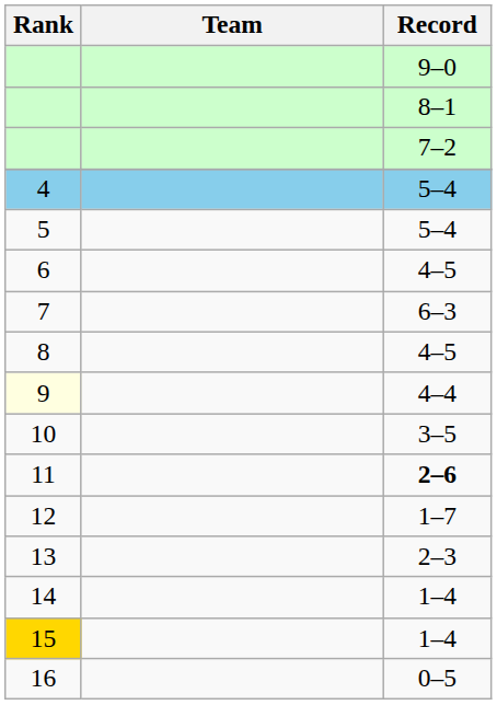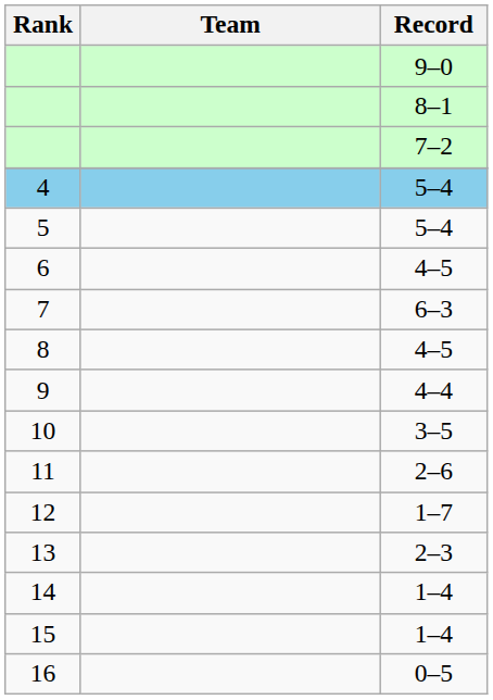 <table class="wikitable" style="text-align: center;">
 <tr>
 <th width=40>Rank</th>
 <th width=180>Team</th>
 <th width=60>Record</th>
 </tr>
 <tr bgcolor="#ccffcc">
 <td></td>
 <td align=left></td>
 <td>9–0</td>
 </tr>
 <tr bgcolor="#ccffcc">
 <td></td>
 <td align=left></td>
 <td>8–1</td>
 </tr>
 <tr bgcolor="#ccffcc">
 <td></td>
 <td align=left></td>
 <td>7–2</td>
 </tr>
 <tr align=center>
 </tr>
 <tr bgcolor=skyblue>
 <td>4</td>
 <td align=left></td>
 <td>5–4</td>
 </tr>
 <tr align=center>
 <td>5</td>
 <td align=left></td>
 <td>5–4</td>
 </tr>
 <tr align=center>
 <td>6</td>
 <td align=left></td>
 <td>4–5</td>
 </tr>
 <tr align=center>
 <td>7</td>
 <td align=left></td>
 <td>6–3</td>
 </tr>
 <tr align=center>
 <td>8</td>
 <td align=left></td>
 <td>4–5</td>
 </tr>
 <tr align=center>
-<td style="background: lightyellow;">9</td>
+<td>9</td>
 <td align=left></td>
 <td>4–4</td>
 </tr>
 <tr align=center>
 <td>10</td>
 <td align=left></td>
 <td>3–5</td>
 </tr>
 <tr align=center>
 <td>11</td>
 <td align=left></td>
-<td><strong>2–6</strong></td>
+<td>2–6</td>
 </tr>
 <tr align=center>
 <td>12</td>
 <td align=left></td>
 <td>1–7</td>
 </tr>
 <tr align=center>
 <td>13</td>
 <td align=left></td>
 <td>2–3</td>
 </tr>
 <tr align=center>
 <td>14</td>
 <td align=left></td>
 <td>1–4</td>
 </tr>
 <tr align=center>
-<td style="background: gold;">15</td>
+<td>15</td>
 <td align=left></td>
 <td>1–4</td>
 </tr>
 <tr align=center>
 <td>16</td>
 <td align=left></td>
 <td>0–5</td>
 </tr>
 </table>
